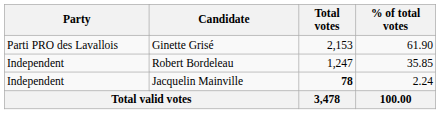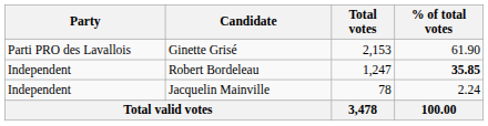 <table style="width:600px;" class="wikitable">
 <tr style="background-color:#E9E9E9">
 <th colspan="2" style="width: 200px">Party</th>
 <th colspan="1" style="width: 200px">Candidate</th>
 <th align="right">Total votes</th>
 <th align="right">% of total votes</th>
 </tr>
 <tr>
 <td colspan="2" align="left">Parti PRO des Lavallois</td>
 <td align="left">Ginette Grisé</td>
 <td align="right">2,153</td>
 <td align="right">61.90</td>
 </tr>
 <tr>
 <td colspan="2" align="left">Independent</td>
 <td align="left">Robert Bordeleau</td>
 <td align="right">1,247</td>
-<td align="right">35.85</td>
+<td align="right"><strong>35.85</strong></td>
 </tr>
 <tr>
 <td colspan="2" align="left">Independent</td>
 <td align="left">Jacquelin Mainville</td>
-<td align="right"><strong>78</strong></td>
+<td align="right">78</td>
 <td align="right">2.24</td>
 </tr>
 <tr bgcolor="#EEEEEE">
 <th colspan="3"  align="left">Total valid votes</th>
 <th align="right">3,478</th>
 <th align="right">100.00</th>
 </tr>
 </table>
